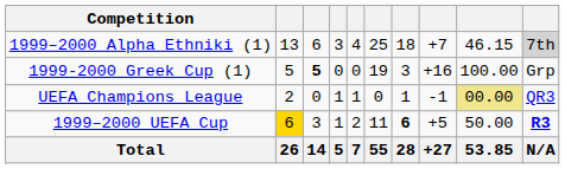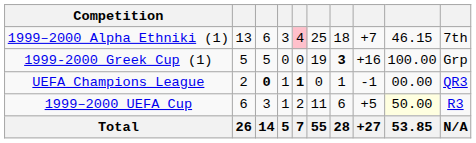 <table class="wikitable" style="text-align:center">
 <tr>
 <th>Competition</th>
 <th></th>
 <th></th>
 <th></th>
 <th></th>
 <th></th>
 <th></th>
 <th></th>
 <th></th>
 <th></th>
 </tr>
 <tr>
 <td><a href='#'>1999–2000 Alpha Ethniki</a> (1)</td>
 <td>13</td>
 <td>6</td>
 <td>3</td>
-<td>4</td>
+<td style="background: pink;">4</td>
 <td>25</td>
 <td>18</td>
 <td>+7</td>
 <td>46.15</td>
-<td style="background: lightgrey;">7th</td>
+<td>7th</td>
 </tr>
 <tr>
 <td><a href='#'>1999-2000 Greek Cup</a> (1)</td>
 <td>5</td>
-<td><strong>5</strong></td>
+<td>5</td>
 <td>0</td>
 <td>0</td>
 <td>19</td>
-<td>3</td>
+<td><strong>3</strong></td>
 <td>+16</td>
 <td>100.00</td>
 <td>Grp</td>
 </tr>
 <tr>
 <td><a href='#'>UEFA Champions League</a></td>
 <td>2</td>
-<td>0</td>
+<td><strong>0</strong></td>
 <td>1</td>
-<td>1</td>
+<td><strong>1</strong></td>
 <td>0</td>
 <td>1</td>
 <td>-1</td>
-<td style="background: khaki;">00.00</td>
+<td>00.00</td>
 <td><a href='#'>QR3</a></td>
 </tr>
 <tr>
 <td><a href='#'>1999–2000 UEFA Cup</a></td>
-<td style="background: gold;">6</td>
+<td>6</td>
 <td>3</td>
 <td>1</td>
 <td>2</td>
 <td>11</td>
-<td><strong>6</strong></td>
+<td>6</td>
 <td>+5</td>
-<td>50.00</td>
-<td><strong><a href='#'>R3</a></strong></td>
+<td style="background: lightyellow;">50.00</td>
+<td><a href='#'>R3</a></td>
 </tr>
 <tr>
 <th>Total</th>
 <th>26</th>
 <th>14</th>
 <th>5</th>
 <th>7</th>
 <th>55</th>
 <th>28</th>
 <th>+27</th>
 <th>53.85</th>
 <th>N/A</th>
 </tr>
 </table>
